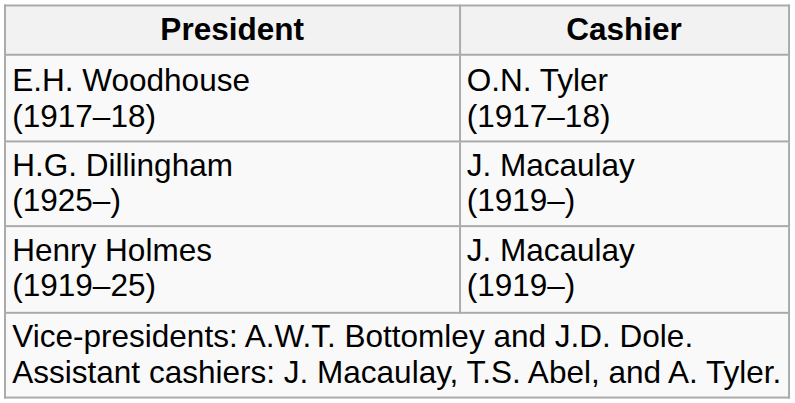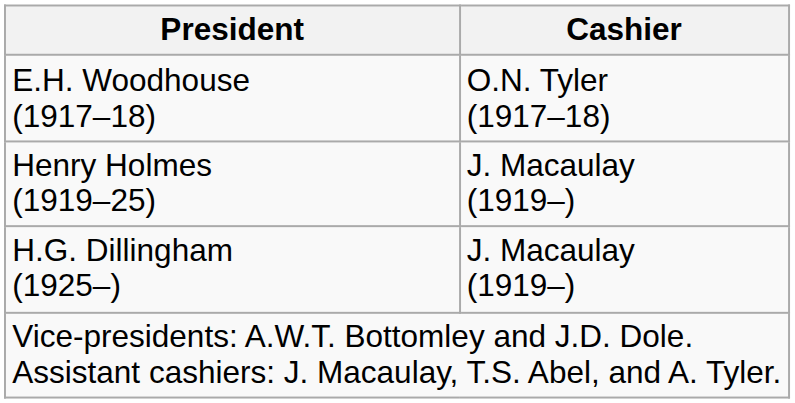 <table class="wikitable" style="display:inline-table;">
 <tr>
 <th scope="col">President</th>
 <th scope="col">Cashier</th>
 </tr>
 <tr>
 <td scope="row">E.H. Woodhouse<br>(1917–18)</td>
 <td>O.N. Tyler<br>(1917–18)</td>
 </tr>
 <tr>
-<td scope="row">H.G. Dillingham<br>(1925–)</td>
+<td scope="row">Henry Holmes<br>(1919–25)</td>
 <td>J. Macaulay<br>(1919–)</td>
 </tr>
 <tr>
-<td scope="row">Henry Holmes<br>(1919–25)</td>
+<td scope="row">H.G. Dillingham<br>(1925–)</td>
 <td>J. Macaulay<br>(1919–)</td>
 </tr>
 <tr>
 <td colspan="2">Vice-presidents: A.W.T. Bottomley and J.D. Dole. <br>Assistant cashiers: J. Macaulay, T.S. Abel, and A. Tyler.</td>
 </tr>
 </table>
